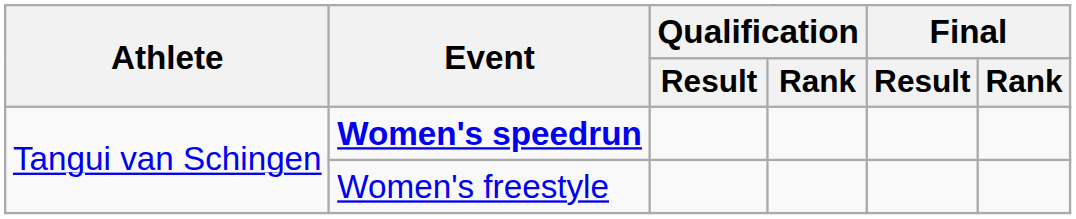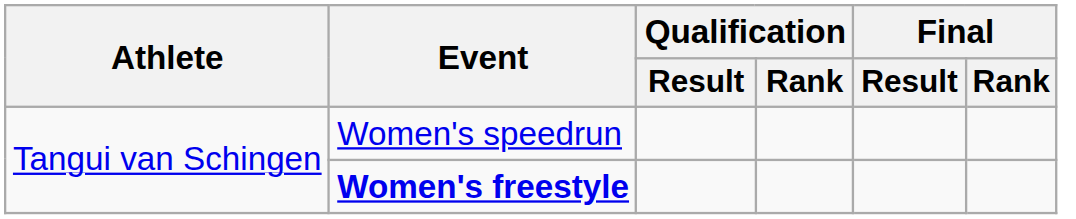 <table class=wikitable style=font-size:90%;text-align:center>
 <tr>
 <th rowspan=2>Athlete</th>
 <th rowspan=2>Event</th>
 <th colspan=2>Qualification</th>
 <th colspan=2>Final</th>
 </tr>
 <tr style=font-size:95%>
 <th>Result</th>
 <th>Rank</th>
 <th>Result</th>
 <th>Rank</th>
 </tr>
 <tr>
 <td align=left rowspan=2><a href='#'>Tangui van Schingen</a></td>
-<td align=left><strong><a href='#'>Women's speedrun</a></strong></td>
+<td align=left><a href='#'>Women's speedrun</a></td>
 <td></td>
 <td></td>
 <td></td>
 <td></td>
 </tr>
 <tr>
-<td align=left><a href='#'>Women's freestyle</a></td>
+<td align=left><strong><a href='#'>Women's freestyle</a></strong></td>
 <td></td>
 <td></td>
 <td></td>
 <td></td>
 </tr>
 </table>
